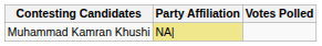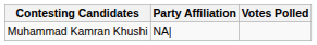 <table class="wikitable sortable">
 <tr>
 <th>Contesting Candidates</th>
 <th>Party Affiliation</th>
 <th>Votes Polled</th>
 </tr>
 <tr>
 <td>Muhammad Kamran Khushi</td>
-<td PMLN style="background: khaki;">NA|</td>
+<td PMLN>NA|</td>
 </tr>
 </table>
